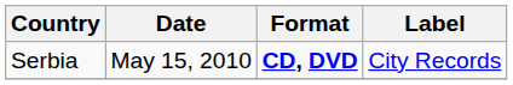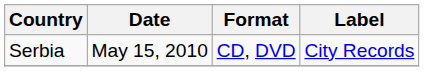 <table class="wikitable plainrowheaders">
 <tr>
 <th scope="col">Country</th>
 <th scope="col">Date</th>
 <th scope="col">Format</th>
 <th scope="col">Label</th>
 </tr>
 <tr>
 <td>Serbia</td>
 <td>May 15, 2010</td>
-<td><strong><a href='#'>CD</a>, <a href='#'>DVD</a></strong></td>
+<td><a href='#'>CD</a>, <a href='#'>DVD</a></td>
 <td><a href='#'>City Records</a></td>
 </tr>
 <tr>
 </tr>
 </table>
